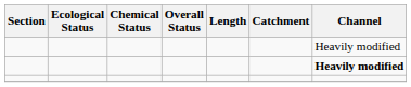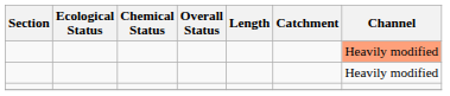 <table class="wikitable">
 <tr>
 <th>Section</th>
 <th>Ecological<br>Status</th>
 <th>Chemical<br>Status</th>
 <th>Overall<br>Status</th>
 <th>Length</th>
 <th>Catchment</th>
 <th>Channel</th>
 </tr>
 <tr>
 <td></td>
 <td></td>
 <td></td>
 <td></td>
 <td></td>
 <td></td>
-<td>Heavily modified</td>
+<td style="background: lightsalmon;">Heavily modified</td>
 </tr>
 <tr>
 <td></td>
 <td></td>
 <td></td>
 <td></td>
 <td></td>
 <td></td>
-<td><strong>Heavily modified</strong></td>
+<td>Heavily modified</td>
 </tr>
 <tr>
 <td></td>
 <td></td>
 <td></td>
 <td></td>
 <td></td>
 <td></td>
 <td></td>
 </tr>
 <tr>
 </tr>
 </table>
